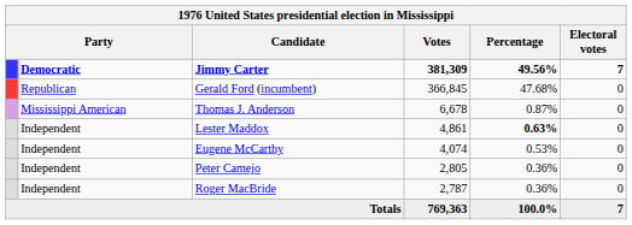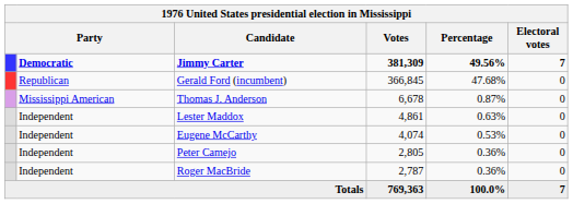 <table class="wikitable" style="font-size: 95%;">
 <tr>
 <th colspan="6">1976 United States presidential election in Mississippi</th>
 </tr>
 <tr>
 <th colspan="2" style="width: 15em">Party</th>
 <th style="width: 17em">Candidate</th>
 <th style="width: 5em">Votes</th>
 <th style="width: 7em">Percentage</th>
 <th style="width: 5em">Electoral votes</th>
 </tr>
 <tr>
 <th style="background:#33f; width:3px;"></th>
 <td style="width: 130px"><strong><a href='#'>Democratic</a></strong></td>
 <td><strong><a href='#'>Jimmy Carter</a></strong></td>
 <td style="text-align:right;"><strong>381,309</strong></td>
 <td style="text-align:right;"><strong>49.56%</strong></td>
 <td style="text-align:right;"><strong>7</strong></td>
 </tr>
 <tr>
 <th style="background:#f33; width:3px;"></th>
 <td style="width: 130px"><a href='#'>Republican</a></td>
 <td><a href='#'>Gerald Ford</a> (<a href='#'>incumbent</a>)</td>
 <td style="text-align:right;">366,845</td>
 <td style="text-align:right;">47.68%</td>
 <td style="text-align:right;">0</td>
 </tr>
 <tr>
 <th style="background:#D99FE8; width:3px;"></th>
 <td style="width: 130px"><a href='#'>Mississippi American</a></td>
 <td><a href='#'>Thomas J. Anderson</a></td>
 <td style="text-align:right;">6,678</td>
 <td style="text-align:right;">0.87%</td>
 <td style="text-align:right;">0</td>
 </tr>
 <tr>
 <th style="background-color:#DDDDDD; width: 3px"></th>
 <td style="width: 130px">Independent</td>
 <td><a href='#'>Lester Maddox</a></td>
 <td style="text-align:right;">4,861</td>
-<td style="text-align:right;"><strong>0.63%</strong></td>
+<td style="text-align:right;">0.63%</td>
 <td style="text-align:right;">0</td>
 </tr>
 <tr>
 <th style="background-color:#DDDDDD; width: 3px"></th>
 <td style="width: 130px">Independent</td>
 <td><a href='#'>Eugene McCarthy</a></td>
 <td style="text-align:right;">4,074</td>
 <td style="text-align:right;">0.53%</td>
 <td style="text-align:right;">0</td>
 </tr>
 <tr>
 <th style="background-color:#DDDDDD; width: 3px"></th>
 <td style="width: 130px">Independent</td>
 <td><a href='#'>Peter Camejo</a></td>
 <td style="text-align:right;">2,805</td>
 <td style="text-align:right;">0.36%</td>
 <td style="text-align:right;">0</td>
 </tr>
 <tr>
 <th style="background-color:#DDDDDD; width: 3px"></th>
 <td style="width: 130px">Independent</td>
 <td><a href='#'>Roger MacBride</a></td>
 <td style="text-align:right;">2,787</td>
 <td style="text-align:right;">0.36%</td>
 <td style="text-align:right;">0</td>
 </tr>
 <tr style="background:#eee; text-align:right;">
 <td colspan="3"><strong>Totals</strong></td>
 <td><strong>769,363</strong></td>
 <td><strong>100.0%</strong></td>
 <td><strong>7</strong></td>
 </tr>
 </table>
